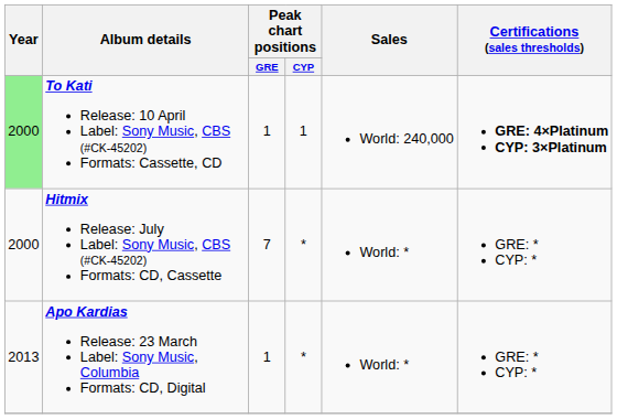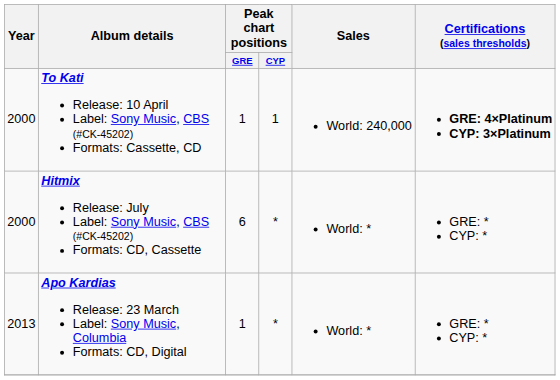 <table class="wikitable" style="text-align:center;">
 <tr>
 <th rowspan="2">Year</th>
 <th rowspan="2" style="width:230px;">Album details</th>
 <th colspan="2">Peak chart positions</th>
 <th rowspan="2">Sales</th>
 <th rowspan="2"><a href='#'>Certifications</a><br><small>(<a href='#'>sales thresholds</a>)</small></th>
 </tr>
 <tr>
 <th style="width:3em;font-size:75%"><a href='#'>GRE</a></th>
 <th style="width:3em;font-size:75%"><a href='#'>CYP</a></th>
 </tr>
 <tr>
-<td style="background: lightgreen;">2000</td>
+<td>2000</td>
 <td align="left"><strong><em><a href='#'>To Kati</a></em></strong><br><ul><li>Release: 10 April</li><li>Label: <a href='#'>Sony Music</a>, <a href='#'>CBS</a> <small>(#CK-45202)</small></li><li>Formats: Cassette, CD</li></ul></td>
 <td>1</td>
 <td>1</td>
 <td align="left"><br><ul><li>World: 240,000</li></ul></td>
 <td align="left"><strong><br><ul><li>GRE: 4×Platinum</li><li>CYP: 3×Platinum</li></ul></strong></td>
 </tr>
 <tr>
 <td>2000</td>
 <td align="left"><strong><em><a href='#'>Hitmix</a></em></strong><br><ul><li>Release: July</li><li>Label: <a href='#'>Sony Music</a>, <a href='#'>CBS</a> <small>(#CK-45202)</small></li><li>Formats: CD, Cassette</li></ul></td>
-<td>7</td>
+<td>6</td>
 <td>*</td>
 <td align="left"><br><ul><li>World: *</li></ul></td>
 <td align="left"><br><ul><li>GRE: *</li><li>CYP: *</li></ul></td>
 </tr>
 <tr>
 <td>2013</td>
 <td align="left"><strong><em><a href='#'>Apo Kardias</a></em></strong><br><ul><li>Release: 23 March</li><li>Label: <a href='#'>Sony Music</a>, <a href='#'>Columbia</a></li><li>Formats: CD, Digital</li></ul></td>
 <td>1</td>
 <td>*</td>
 <td align="left"><br><ul><li>World: *</li></ul></td>
 <td align="left"><br><ul><li>GRE: *</li><li>CYP: *</li></ul></td>
 </tr>
 <tr>
 </tr>
 </table>
